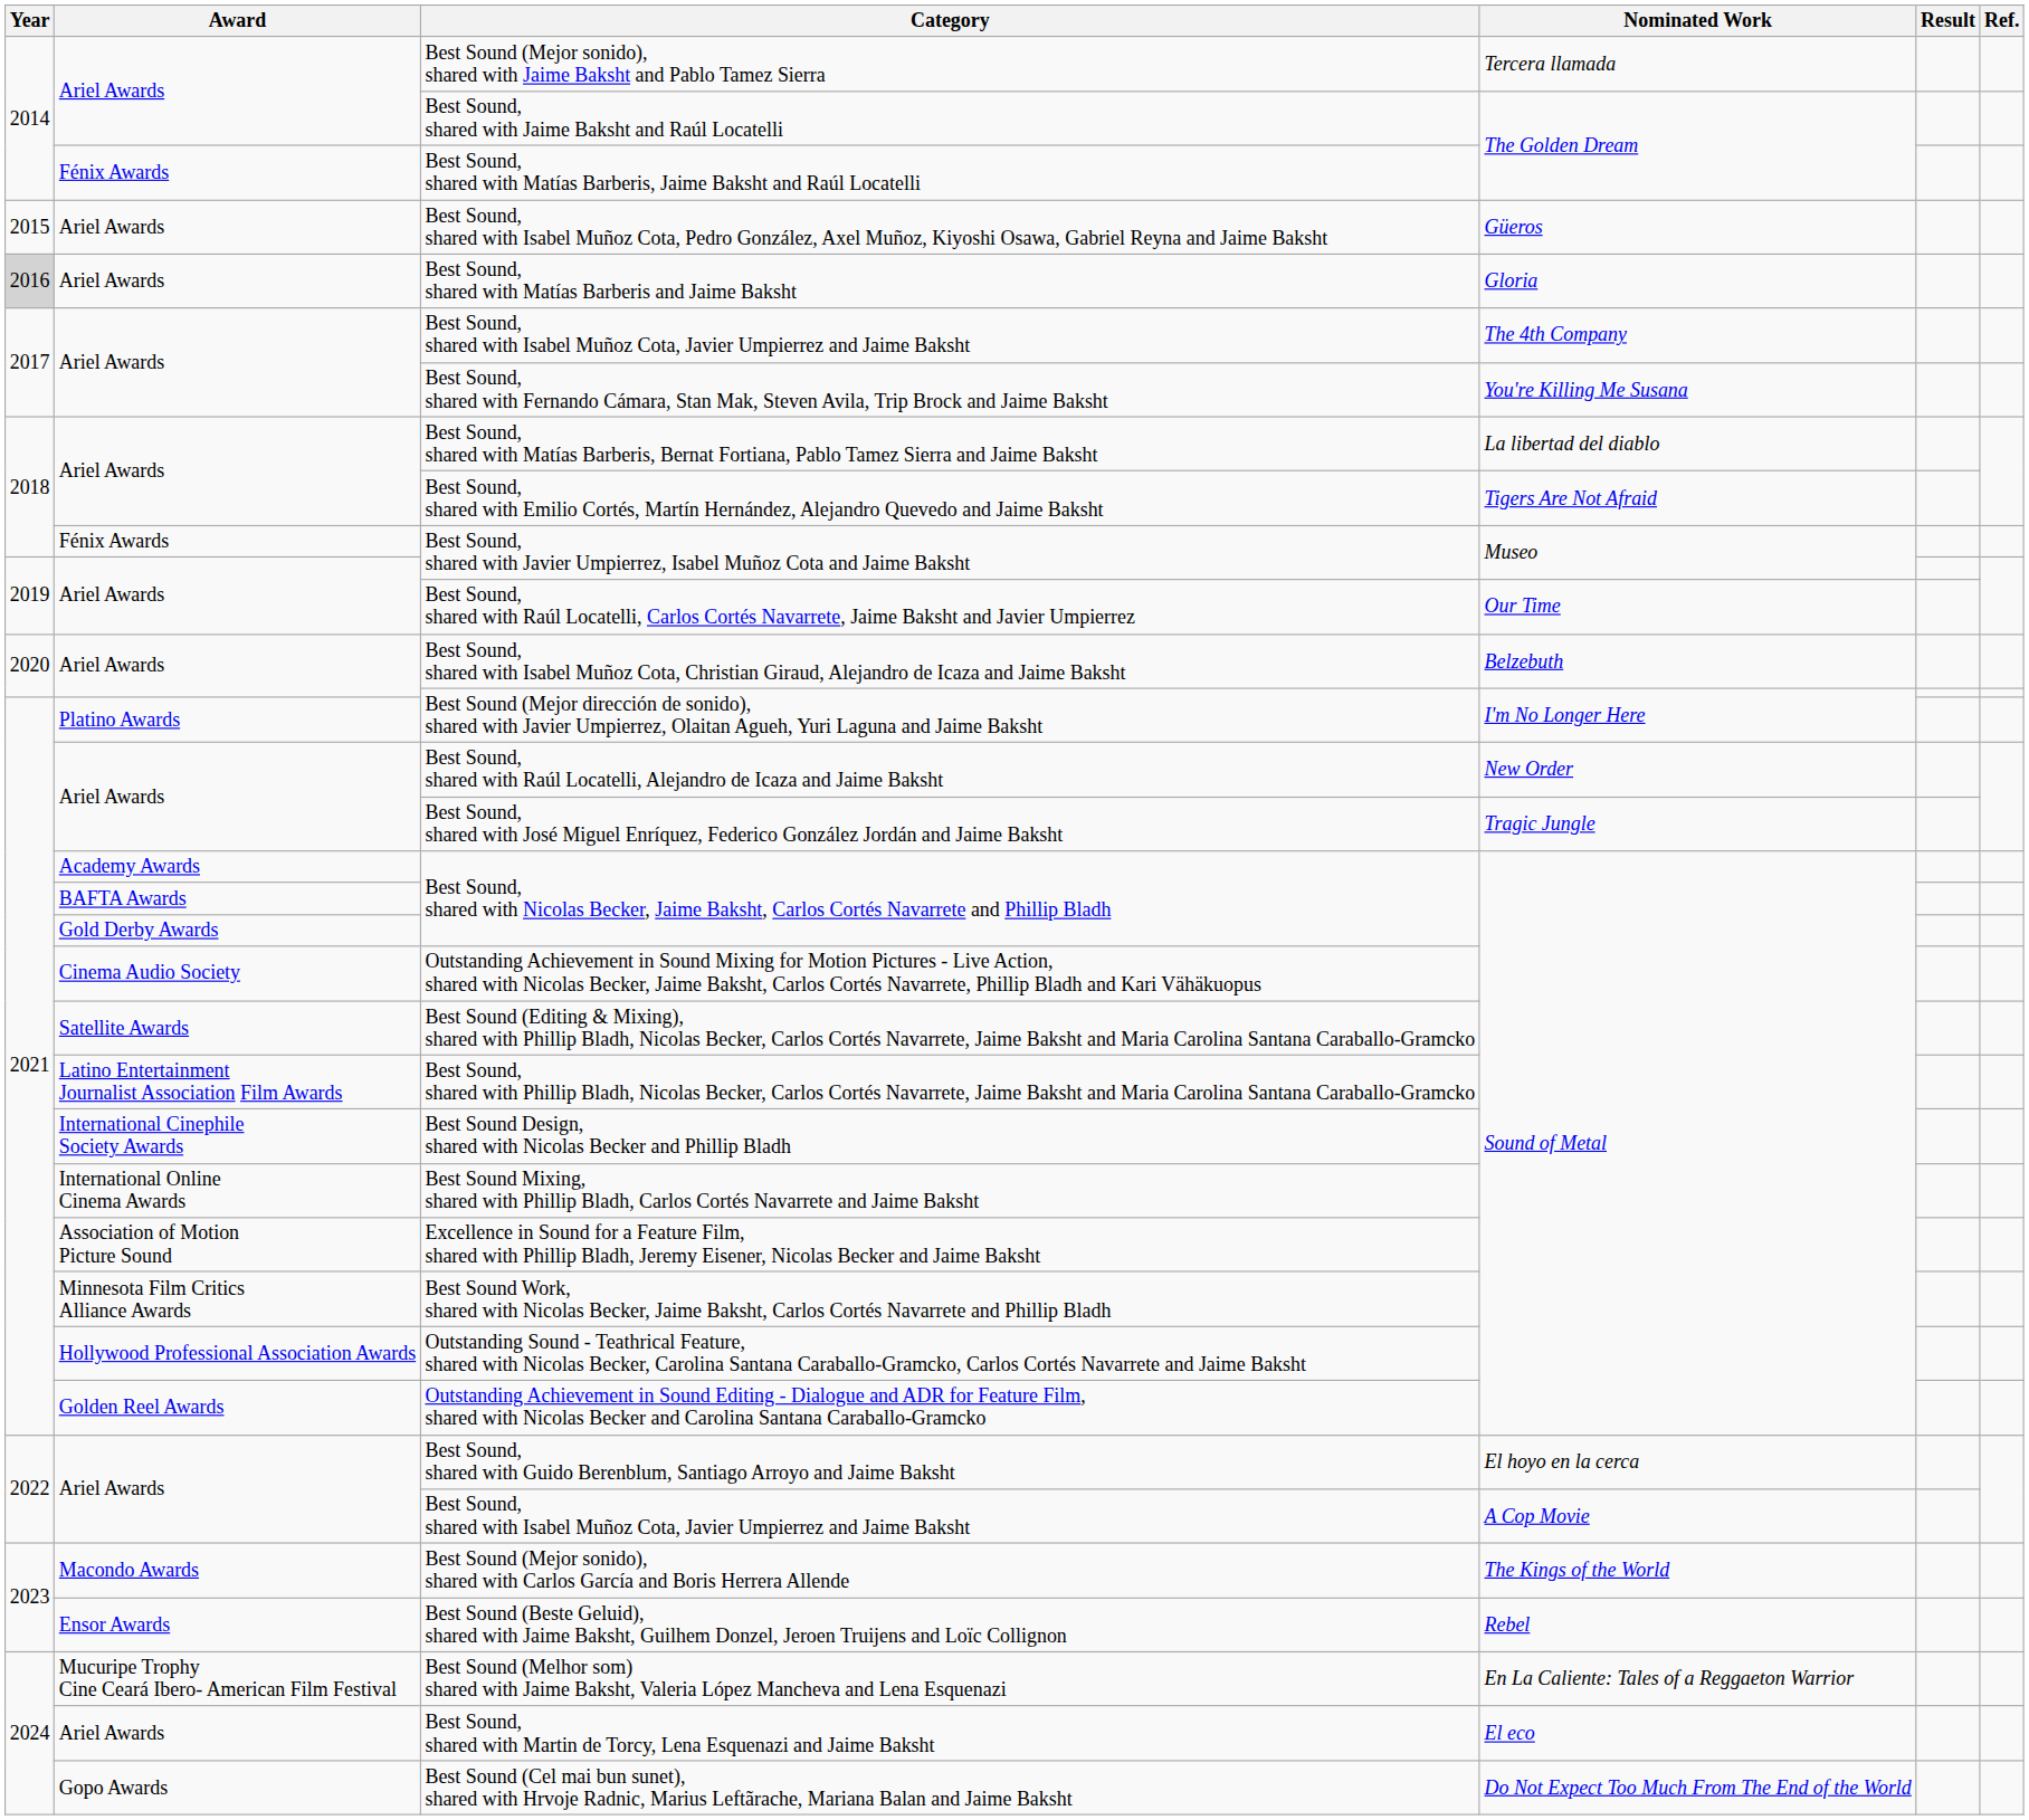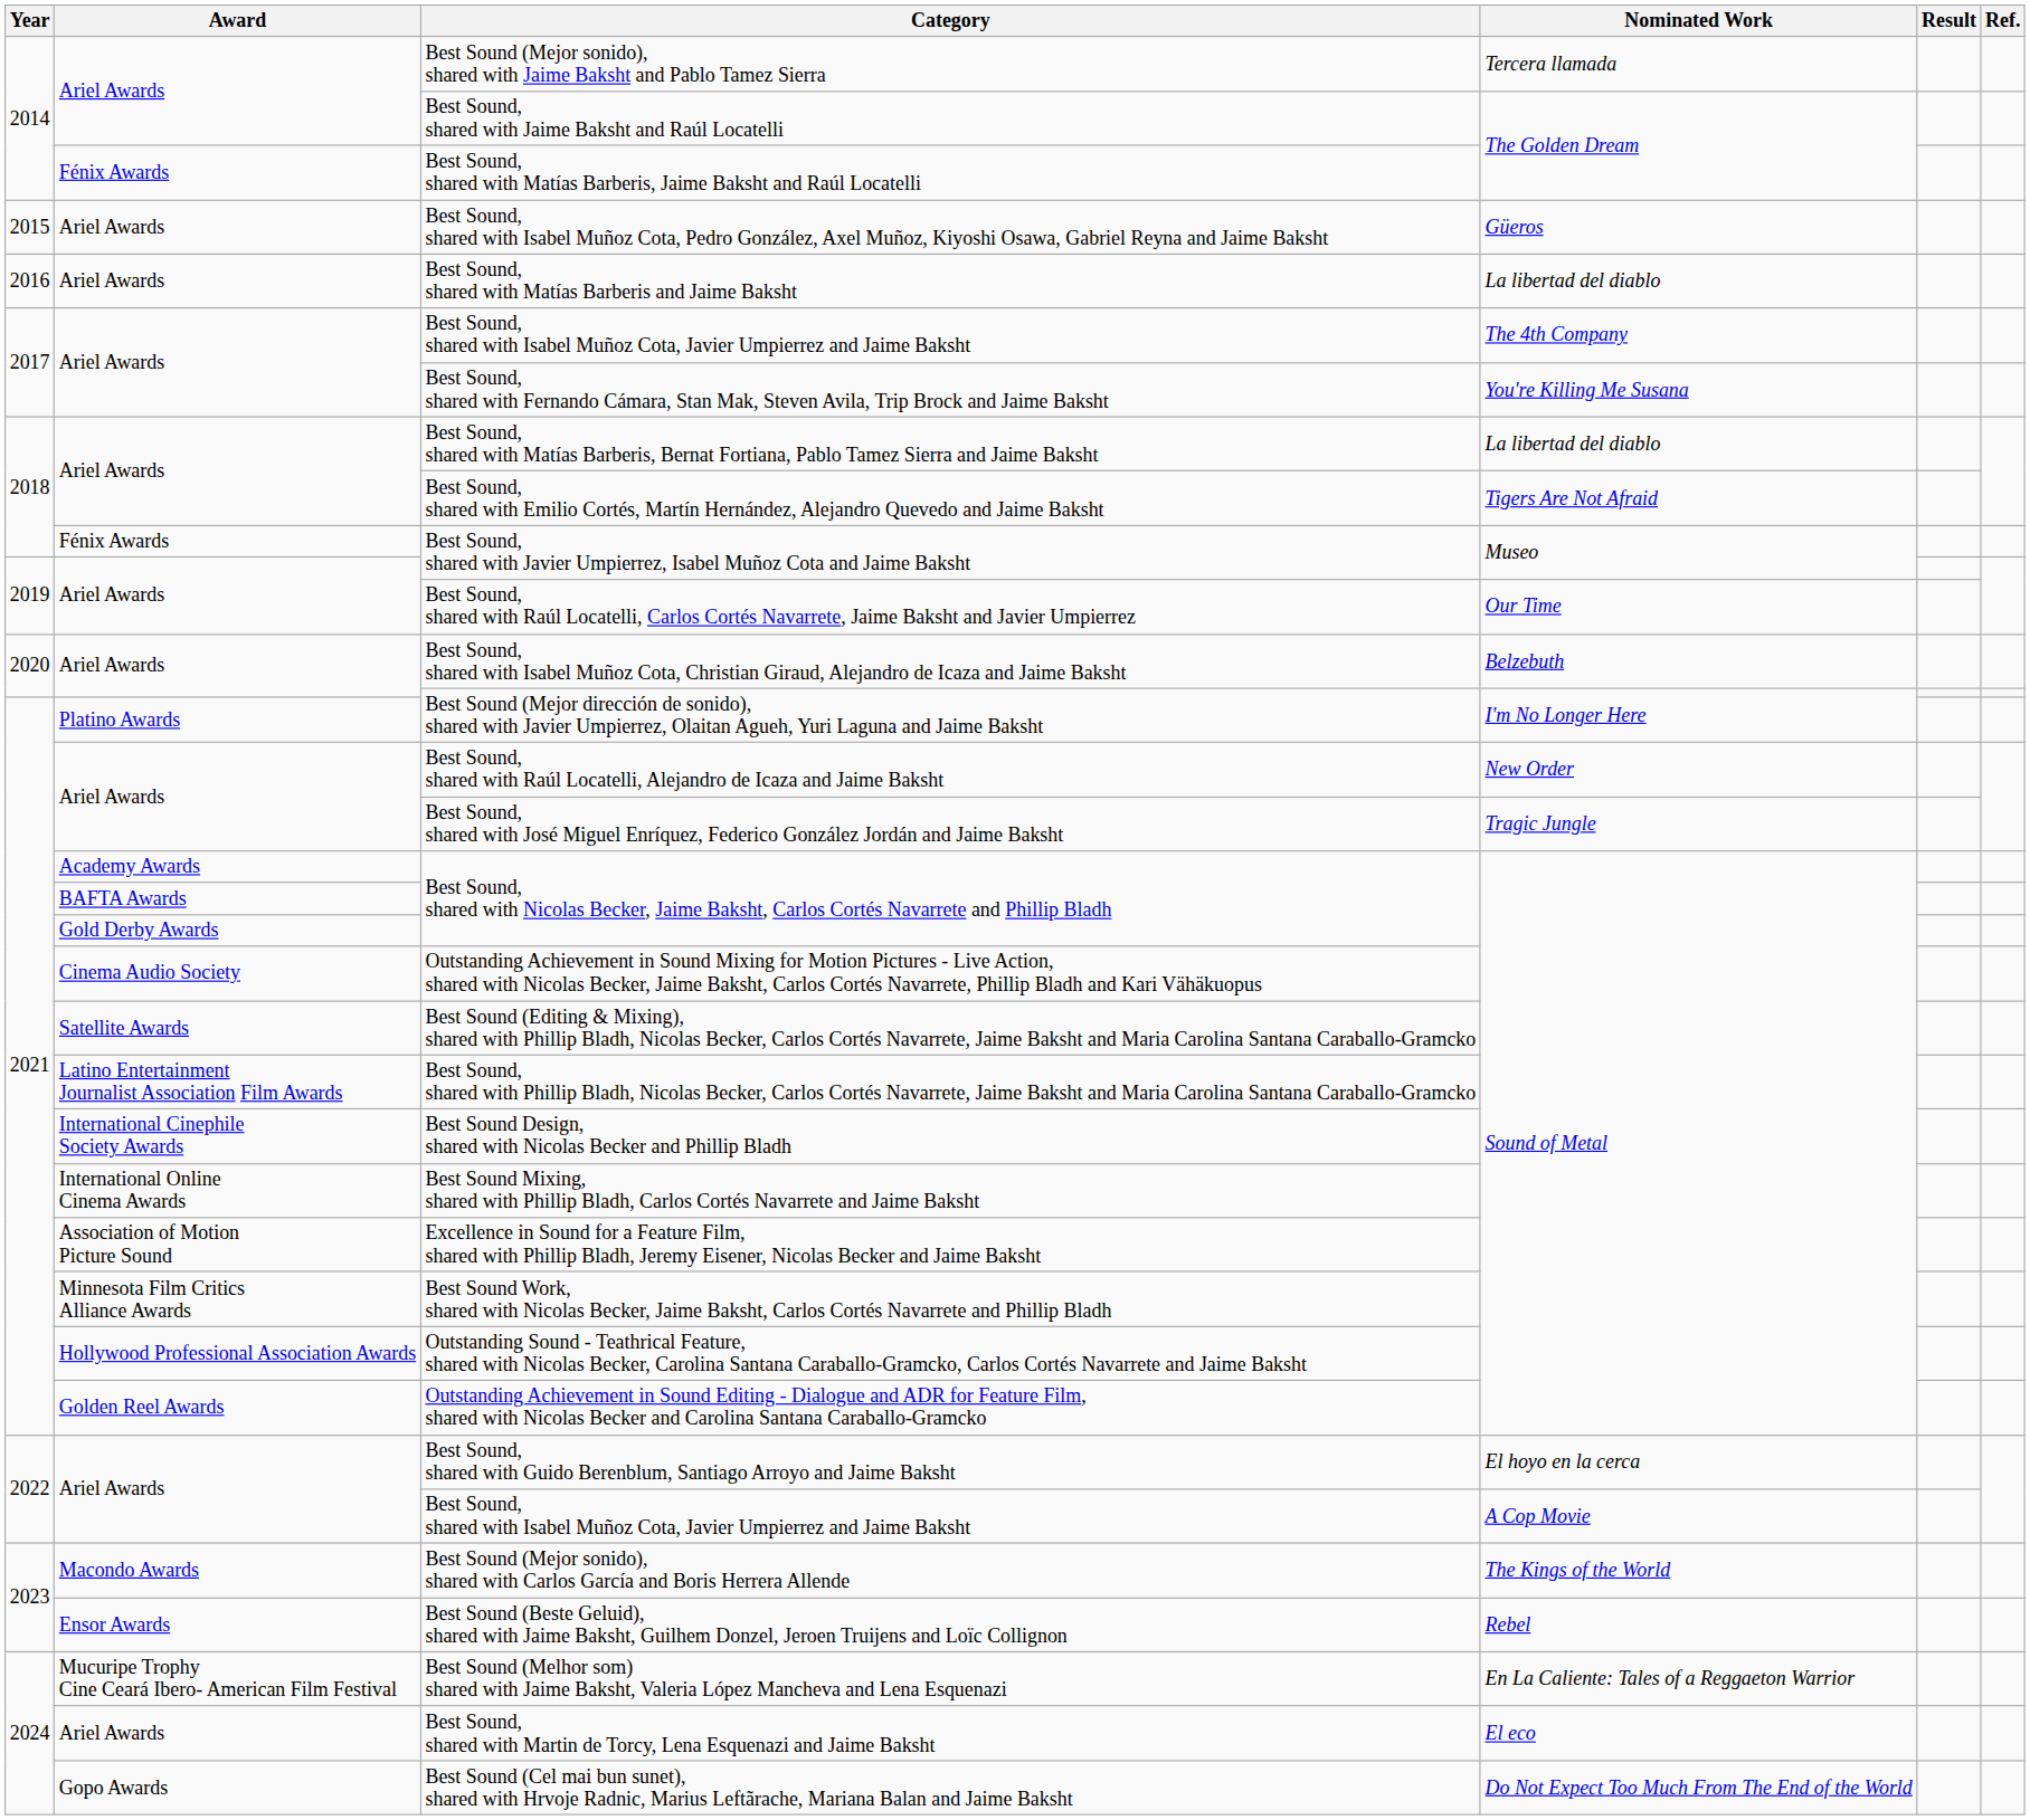 <table class="wikitable sortable">
 <tr>
 <th>Year</th>
 <th>Award</th>
 <th>Category</th>
 <th>Nominated Work</th>
 <th>Result</th>
 <th>Ref.</th>
 </tr>
 <tr>
 <td rowspan="3">2014</td>
 <td rowspan="2"><a href='#'>Ariel Awards</a></td>
 <td>Best Sound (Mejor sonido),<br>shared with <a href='#'>Jaime Baksht</a> and Pablo Tamez Sierra</td>
 <td><em>Tercera llamada</em></td>
 <td></td>
 <td></td>
 </tr>
 <tr>
 <td>Best Sound,<br>shared with Jaime Baksht and Raúl Locatelli</td>
 <td rowspan="2"><em><a href='#'>The Golden Dream</a></em></td>
 <td></td>
 <td></td>
 </tr>
 <tr>
 <td><a href='#'>Fénix Awards</a></td>
 <td>Best Sound,<br>shared with Matías Barberis, Jaime Baksht and Raúl Locatelli</td>
 <td></td>
 <td></td>
 </tr>
 <tr>
 <td>2015</td>
 <td>Ariel Awards</td>
 <td>Best Sound,<br>shared with Isabel Muñoz Cota, Pedro González, Axel Muñoz,  Kiyoshi Osawa, Gabriel Reyna and Jaime Baksht</td>
 <td><em><a href='#'>Güeros</a></em></td>
 <td></td>
 <td></td>
 </tr>
 <tr>
-<td style="background: lightgrey;">2016</td>
+<td>2016</td>
 <td>Ariel Awards</td>
 <td>Best Sound,<br>shared with Matías Barberis and Jaime Baksht</td>
-<td><em><a href='#'>Gloria</a></em></td>
+<td><em>La libertad del diablo</em></td>
 <td></td>
 <td></td>
 </tr>
 <tr>
 <td rowspan="2">2017</td>
 <td rowspan="2">Ariel Awards</td>
 <td>Best Sound,<br>shared with Isabel Muñoz Cota, Javier Umpierrez and Jaime Baksht</td>
 <td><em><a href='#'>The 4th Company</a></em></td>
 <td></td>
 <td></td>
 </tr>
 <tr>
 <td>Best Sound,<br>shared with Fernando Cámara, Stan Mak, Steven Avila, Trip Brock and Jaime Baksht</td>
 <td><em><a href='#'>You're Killing Me Susana</a></em></td>
 <td></td>
 <td></td>
 </tr>
 <tr>
 <td rowspan="3">2018</td>
 <td rowspan="2">Ariel Awards</td>
 <td>Best Sound,<br>shared with Matías Barberis, Bernat Fortiana, Pablo Tamez Sierra and Jaime Baksht</td>
 <td><em>La libertad del diablo</em></td>
 <td></td>
 <td rowspan="2"></td>
 </tr>
 <tr>
 <td>Best Sound,<br>shared with Emilio Cortés, Martín Hernández, Alejandro Quevedo and Jaime Baksht</td>
 <td><em><a href='#'>Tigers Are Not Afraid</a></em></td>
 <td></td>
 </tr>
 <tr>
 <td>Fénix Awards</td>
 <td rowspan="2">Best Sound,<br>shared with Javier Umpierrez, Isabel Muñoz Cota and Jaime Baksht</td>
 <td rowspan="2"><em>Museo</em></td>
 <td></td>
 <td></td>
 </tr>
 <tr>
 <td rowspan="2">2019</td>
 <td rowspan="2">Ariel Awards</td>
 <td></td>
 <td rowspan="2"></td>
 </tr>
 <tr>
 <td>Best Sound,<br>shared with Raúl Locatelli, <a href='#'>Carlos Cortés Navarrete</a>, Jaime Baksht and Javier Umpierrez</td>
 <td><em><a href='#'>Our Time</a></em></td>
 <td></td>
 </tr>
 <tr>
 <td rowspan="2">2020</td>
 <td rowspan="2">Ariel Awards</td>
 <td>Best Sound,<br>shared with Isabel Muñoz Cota, Christian Giraud, Alejandro de Icaza and Jaime Baksht</td>
 <td><em><a href='#'>Belzebuth</a></em></td>
 <td></td>
 <td></td>
 </tr>
 <tr>
 <td rowspan="2">Best Sound (Mejor dirección de sonido),<br>shared with Javier Umpierrez, Olaitan Agueh, Yuri Laguna and Jaime Baksht</td>
 <td rowspan="2"><em><a href='#'>I'm No Longer Here</a></em></td>
 <td></td>
 <td></td>
 </tr>
 <tr>
 <td rowspan="15">2021</td>
 <td><a href='#'>Platino Awards</a></td>
 <td></td>
 <td></td>
 </tr>
 <tr>
 <td rowspan="2">Ariel Awards</td>
 <td>Best Sound,<br>shared with Raúl Locatelli, Alejandro de Icaza and Jaime Baksht</td>
 <td><em><a href='#'>New Order</a></em></td>
 <td></td>
 <td rowspan="2"></td>
 </tr>
 <tr>
 <td>Best Sound,<br>shared with José Miguel Enríquez, Federico González Jordán and Jaime Baksht</td>
 <td><em><a href='#'>Tragic Jungle</a></em></td>
 <td></td>
 </tr>
 <tr>
 <td><a href='#'>Academy Awards</a></td>
 <td rowspan="3">Best Sound,<br>shared with <a href='#'>Nicolas Becker</a>, <a href='#'>Jaime Baksht</a>, <a href='#'>Carlos Cortés Navarrete</a> and <a href='#'>Phillip Bladh</a></td>
 <td rowspan="12"><em><a href='#'>Sound of Metal</a></em></td>
 <td></td>
 <td></td>
 </tr>
 <tr>
 <td><a href='#'>BAFTA Awards</a></td>
 <td></td>
 <td></td>
 </tr>
 <tr>
 <td><a href='#'>Gold Derby Awards</a></td>
 <td></td>
 <td></td>
 </tr>
 <tr>
 <td><a href='#'>Cinema Audio Society</a></td>
 <td>Outstanding Achievement in Sound Mixing for Motion Pictures - Live Action,<br>shared with Nicolas Becker, Jaime Baksht, Carlos Cortés Navarrete, Phillip Bladh and Kari Vähäkuopus</td>
 <td></td>
 <td></td>
 </tr>
 <tr>
 <td><a href='#'>Satellite Awards</a></td>
 <td>Best Sound (Editing & Mixing),<br>shared with Phillip Bladh, Nicolas Becker, Carlos Cortés Navarrete, Jaime Baksht and Maria Carolina Santana Caraballo-Gramcko</td>
 <td></td>
 <td></td>
 </tr>
 <tr>
 <td><a href='#'>Latino Entertainment</a><br><a href='#'>Journalist Association</a>  <a href='#'>Film Awards</a></td>
 <td>Best Sound,<br>shared with Phillip Bladh, Nicolas Becker, Carlos Cortés Navarrete, Jaime Baksht and Maria Carolina Santana Caraballo-Gramcko</td>
 <td></td>
 <td></td>
 </tr>
 <tr>
 <td><a href='#'>International Cinephile</a><br><a href='#'>Society Awards</a></td>
 <td>Best Sound Design,<br>shared with Nicolas Becker and Phillip Bladh</td>
 <td></td>
 <td></td>
 </tr>
 <tr>
 <td>International Online<br>Cinema Awards</td>
 <td>Best Sound Mixing,<br>shared with Phillip Bladh, Carlos Cortés Navarrete and Jaime Baksht</td>
 <td></td>
 <td></td>
 </tr>
 <tr>
 <td>Association of Motion<br>Picture Sound</td>
 <td>Excellence in Sound for a Feature Film,<br>shared with Phillip Bladh, Jeremy Eisener, Nicolas Becker and Jaime Baksht</td>
 <td></td>
 <td></td>
 </tr>
 <tr>
 <td>Minnesota Film Critics<br>Alliance Awards</td>
 <td>Best Sound Work,<br>shared with Nicolas Becker, Jaime Baksht, Carlos Cortés Navarrete and Phillip Bladh</td>
 <td></td>
 <td></td>
 </tr>
 <tr>
 <td><a href='#'>Hollywood Professional Association Awards</a></td>
 <td>Outstanding Sound - Teathrical Feature,<br>shared with Nicolas Becker, Carolina Santana Caraballo-Gramcko, Carlos Cortés Navarrete and Jaime Baksht</td>
 <td></td>
 <td></td>
 </tr>
 <tr>
 <td><a href='#'>Golden Reel Awards</a></td>
 <td><a href='#'>Outstanding Achievement in Sound Editing - Dialogue and ADR for Feature Film</a>,<br>shared with Nicolas Becker and Carolina Santana Caraballo-Gramcko</td>
 <td></td>
 <td></td>
 </tr>
 <tr>
 <td rowspan="2">2022</td>
 <td rowspan="2">Ariel Awards</td>
 <td>Best Sound,<br>shared with Guido Berenblum, Santiago Arroyo and Jaime Baksht</td>
 <td><em>El hoyo en la cerca</em></td>
 <td></td>
 <td rowspan="2"></td>
 </tr>
 <tr>
 <td>Best Sound,<br>shared with Isabel Muñoz Cota, Javier Umpierrez and Jaime Baksht</td>
 <td><em><a href='#'>A Cop Movie</a></em></td>
 <td></td>
 </tr>
 <tr>
 <td rowspan="2">2023</td>
 <td><a href='#'>Macondo Awards</a></td>
 <td>Best Sound (Mejor sonido),<br>shared with Carlos García and Boris Herrera Allende</td>
 <td><em><a href='#'>The Kings of the World</a></em></td>
 <td></td>
 <td></td>
 </tr>
 <tr>
 <td><a href='#'>Ensor Awards</a></td>
 <td>Best Sound (Beste Geluid),<br>shared with Jaime Baksht, Guilhem Donzel, Jeroen Truijens and Loïc Collignon</td>
 <td><a href='#'><em>Rebel</em></a></td>
 <td></td>
 <td></td>
 </tr>
 <tr>
 <td rowspan="3">2024</td>
 <td>Mucuripe Trophy<br>Cine Ceará Ibero- American Film Festival</td>
 <td>Best Sound (Melhor som)<br>shared with Jaime Baksht, Valeria López Mancheva and Lena Esquenazi</td>
 <td><em>En La Caliente: Tales of a Reggaeton Warrior</em></td>
 <td></td>
 <td></td>
 </tr>
 <tr>
 <td>Ariel Awards</td>
 <td>Best Sound,<br>shared with Martin de Torcy, Lena Esquenazi and Jaime Baksht</td>
 <td><a href='#'><em>El eco</em></a></td>
 <td></td>
 <td></td>
 </tr>
 <tr>
 <td>Gopo Awards</td>
 <td>Best Sound (Cel mai bun sunet),<br>shared with Hrvoje Radnic, Marius Leftãrache, Mariana Balan and Jaime Baksht</td>
 <td><a href='#'><em>Do Not Expect Too Much From The End of the World</em></a></td>
 <td></td>
 <td></td>
 </tr>
 </table>
